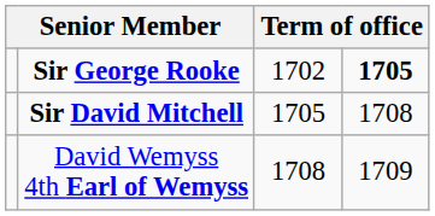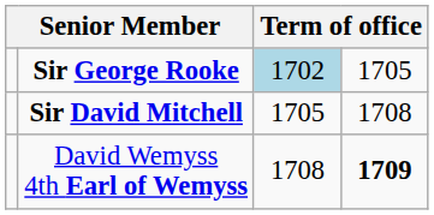 <table class="wikitable mw-collapsible" style="text-align:Center">
 <tr>
 <th colspan=2>Senior Member</th>
 <th colspan=2>Term of office</th>
 </tr>
 <tr style="height:1em">
 <td></td>
 <td><strong>Sir <a href='#'>George Rooke</a></strong></td>
-<td>1702</td>
-<td><strong>1705</strong></td>
+<td style="background: lightblue;">1702</td>
+<td>1705</td>
 </tr>
 <tr style="height:1em">
 <td></td>
 <td><strong>Sir <a href='#'>David Mitchell</a></strong></td>
 <td>1705</td>
 <td>1708</td>
 </tr>
 <tr style="height:1em">
 <td></td>
 <td><a href='#'>David Wemyss<br>4th <strong>Earl of Wemyss</strong></a></td>
 <td>1708</td>
-<td>1709</td>
+<td><strong>1709</strong></td>
 </tr>
 </table>
